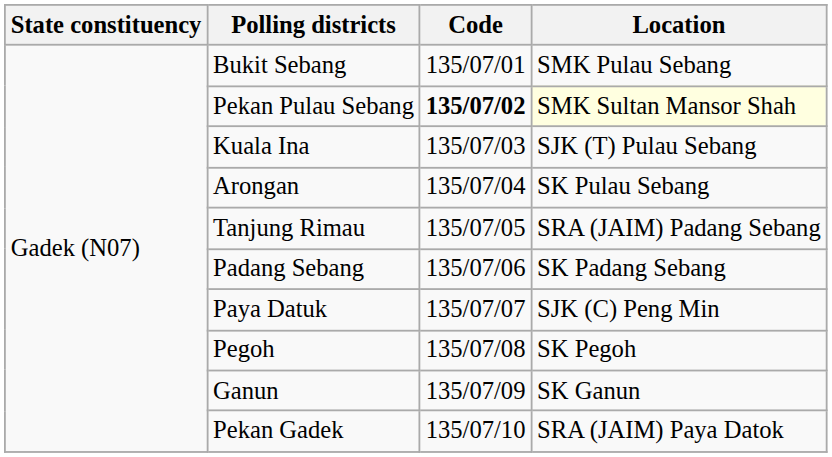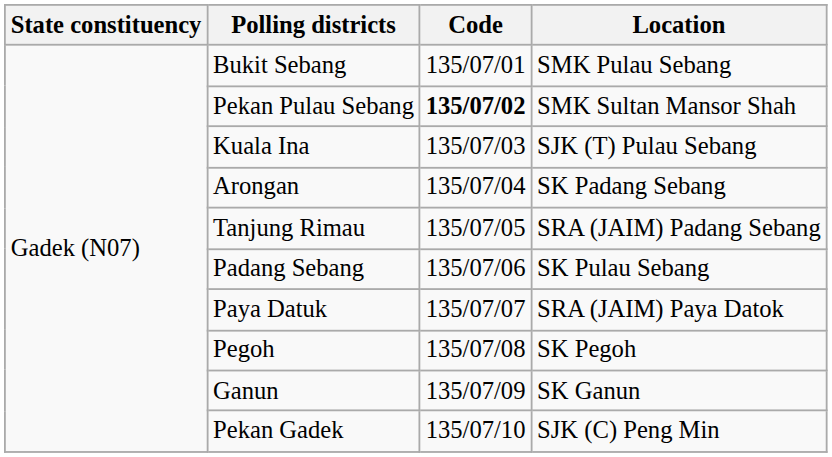 <table class="wikitable sortable mw-collapsible" style="white-space:nowrap;font-size:85%">
 <tr>
 <th>State constituency</th>
 <th>Polling districts</th>
 <th>Code</th>
 <th>Location</th>
 </tr>
 <tr>
 <td rowspan="10">Gadek (N07)</td>
 <td>Bukit Sebang</td>
 <td>135/07/01</td>
 <td>SMK Pulau Sebang</td>
 </tr>
 <tr>
 <td>Pekan Pulau Sebang</td>
 <td><strong>135/07/02</strong></td>
-<td style="background: lightyellow;">SMK Sultan Mansor Shah</td>
+<td>SMK Sultan Mansor Shah</td>
 </tr>
 <tr>
 <td>Kuala Ina</td>
 <td>135/07/03</td>
 <td>SJK (T) Pulau Sebang</td>
 </tr>
 <tr>
 <td>Arongan</td>
 <td>135/07/04</td>
-<td>SK Pulau Sebang</td>
+<td>SK Padang Sebang</td>
 </tr>
 <tr>
 <td>Tanjung Rimau</td>
 <td>135/07/05</td>
 <td>SRA (JAIM) Padang Sebang</td>
 </tr>
 <tr>
 <td>Padang Sebang</td>
 <td>135/07/06</td>
-<td>SK Padang Sebang</td>
+<td>SK Pulau Sebang</td>
 </tr>
 <tr>
 <td>Paya Datuk</td>
 <td>135/07/07</td>
-<td>SJK (C) Peng Min</td>
+<td>SRA (JAIM) Paya Datok</td>
 </tr>
 <tr>
 <td>Pegoh</td>
 <td>135/07/08</td>
 <td>SK Pegoh</td>
 </tr>
 <tr>
 <td>Ganun</td>
 <td>135/07/09</td>
 <td>SK Ganun</td>
 </tr>
 <tr>
 <td>Pekan Gadek</td>
 <td>135/07/10</td>
-<td>SRA (JAIM) Paya Datok</td>
+<td>SJK (C) Peng Min</td>
 </tr>
 </table>
